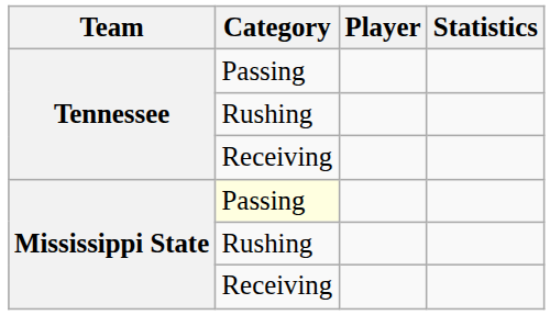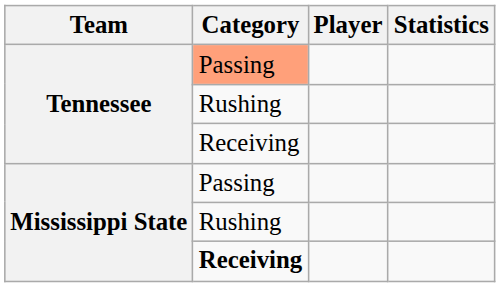 <table class="wikitable" style="float:right">
 <tr>
 <th>Team</th>
 <th>Category</th>
 <th>Player</th>
 <th>Statistics</th>
 </tr>
 <tr>
 <th rowspan=3>Tennessee</th>
-<td>Passing</td>
+<td style="background: lightsalmon;">Passing</td>
 <td></td>
 <td></td>
 </tr>
 <tr>
 <td>Rushing</td>
 <td></td>
 <td></td>
 </tr>
 <tr>
 <td>Receiving</td>
 <td></td>
 <td></td>
 </tr>
 <tr>
 <th rowspan=3>Mississippi State</th>
-<td style="background: lightyellow;">Passing</td>
+<td>Passing</td>
 <td></td>
 <td></td>
 </tr>
 <tr>
 <td>Rushing</td>
 <td></td>
 <td></td>
 </tr>
 <tr>
-<td>Receiving</td>
+<td><strong>Receiving</strong></td>
 <td></td>
 <td></td>
 </tr>
 </table>
